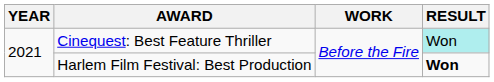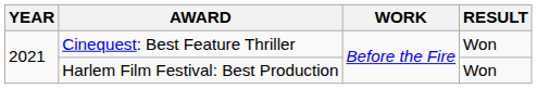 <table class="wikitable">
 <tr>
 <th>YEAR</th>
 <th>AWARD</th>
 <th>WORK</th>
 <th>RESULT</th>
 </tr>
 <tr>
 <td rowspan="2">2021</td>
 <td><a href='#'>Cinequest</a>: Best Feature Thriller</td>
 <td rowspan="2"><em><a href='#'>Before the Fire</a></em></td>
-<td style="background: paleturquoise;">Won</td>
+<td>Won</td>
 </tr>
 <tr>
 <td>Harlem Film Festival: Best Production</td>
-<td><strong>Won</strong></td>
+<td>Won</td>
 </tr>
 </table>
